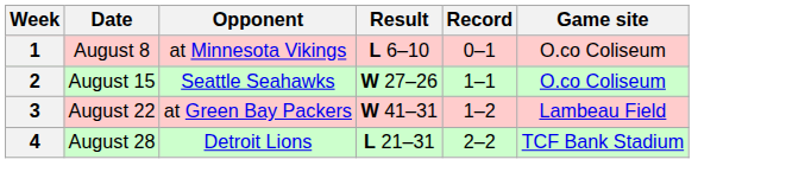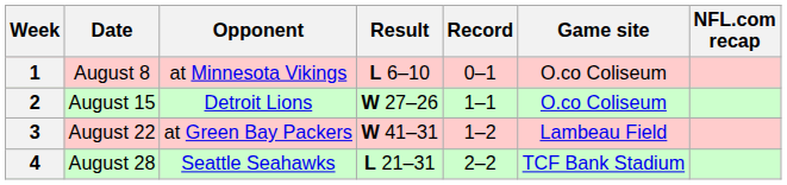 <table class="wikitable" style="text-align:center">
 <tr>
 <th>Week</th>
 <th>Date</th>
 <th>Opponent</th>
 <th>Result</th>
 <th>Record</th>
 <th>Game site</th>
+<th>NFL.com<br>recap</th>
 </tr>
 <tr style="background:#fcc; text-align:center;">
 <th>1</th>
 <td>August 8</td>
 <td>at <a href='#'>Minnesota Vikings</a></td>
 <td><strong>L</strong> 6–10</td>
 <td>0–1</td>
 <td>O.co Coliseum</td>
+<td></td>
 </tr>
 <tr style="background:#cfc; text-align:center;">
 <th>2</th>
 <td>August 15</td>
-<td><a href='#'>Seattle Seahawks</a></td>
+<td><a href='#'>Detroit Lions</a></td>
 <td><strong>W</strong> 27–26</td>
 <td>1–1</td>
 <td><a href='#'>O.co Coliseum</a></td>
+<td></td>
 </tr>
 <tr style="background:#fcc; text-align:center;">
 <th>3</th>
 <td>August 22</td>
 <td>at <a href='#'>Green Bay Packers</a></td>
 <td><strong>W</strong> 41–31</td>
 <td>1–2</td>
 <td><a href='#'>Lambeau Field</a></td>
+<td></td>
 </tr>
 <tr style="background:#cfc; text-align:center;">
 <th>4</th>
 <td>August 28</td>
-<td><a href='#'>Detroit Lions</a></td>
+<td><a href='#'>Seattle Seahawks</a></td>
 <td><strong>L</strong> 21–31</td>
 <td>2–2</td>
 <td><a href='#'>TCF Bank Stadium</a></td>
+<td></td>
 </tr>
 </table>
